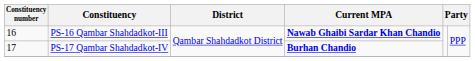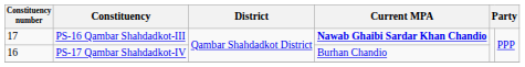 <table class="wikitable">
 <tr>
 <th width="50px" style="font-size:75%">Constituency number</th>
 <th>Constituency</th>
 <th>District</th>
 <th>Current MPA</th>
 <th colspan="2">Party</th>
 </tr>
 <tr>
-<td>16</td>
+<td>17</td>
 <td><a href='#'>PS-16 Qambar Shahdadkot-III</a></td>
 <td rowspan="2"><a href='#'>Qambar Shahdadkot District</a></td>
 <td><strong><a href='#'>Nawab Ghaibi Sardar Khan Chandio</a></strong></td>
 <td rowspan="2"></td>
 <td rowspan="2"><a href='#'>PPP</a></td>
 </tr>
 <tr>
-<td>17</td>
+<td>16</td>
 <td><a href='#'>PS-17 Qambar Shahdadkot-IV</a></td>
-<td><strong><a href='#'>Burhan Chandio</a></strong></td>
+<td><a href='#'>Burhan Chandio</a></td>
 </tr>
 <tr>
 </tr>
 </table>
